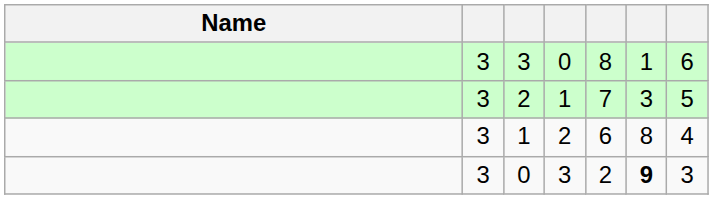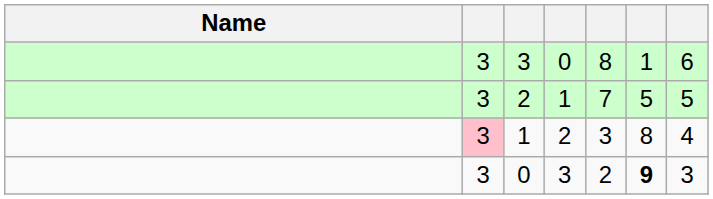 <table class=wikitable style="text-align:center">
 <tr>
 <th width=300>Name</th>
 <th width=20></th>
 <th width=20></th>
 <th width=20></th>
 <th width=20></th>
 <th width=20></th>
 <th width=20></th>
 </tr>
 <tr style="background-color:#ccffcc;">
 <td style="text-align:left;"></td>
 <td>3</td>
 <td>3</td>
 <td>0</td>
 <td>8</td>
 <td>1</td>
 <td>6</td>
 </tr>
 <tr style="background-color:#ccffcc;">
 <td style="text-align:left;"></td>
 <td>3</td>
 <td>2</td>
 <td>1</td>
 <td>7</td>
-<td>3</td>
+<td>5</td>
 <td>5</td>
 </tr>
 <tr>
 <td style="text-align:left;"></td>
-<td>3</td>
+<td style="background: pink;">3</td>
 <td>1</td>
 <td>2</td>
-<td>6</td>
+<td>3</td>
 <td>8</td>
 <td>4</td>
 </tr>
 <tr>
 <td style="text-align:left;"></td>
 <td>3</td>
 <td>0</td>
 <td>3</td>
 <td>2</td>
 <td><strong>9</strong></td>
 <td>3</td>
 </tr>
 </table>
